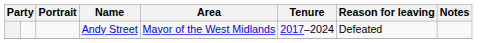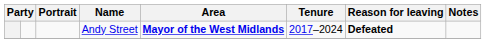 <table class="wikitable sortable">
 <tr>
 <th colspan=2>Party</th>
 <th class="unsortable">Portrait</th>
 <th class="unsortable">Name</th>
 <th class="unsortable">Area</th>
 <th>Tenure</th>
 <th>Reason for leaving</th>
 <th class="unsortable">Notes</th>
 </tr>
 <tr>
 <th style="background-color: "></th>
 <td></td>
 <td></td>
 <td><a href='#'>Andy Street</a></td>
-<td><a href='#'>Mayor of the West Midlands</a></td>
+<td><strong><a href='#'>Mayor of the West Midlands</a></strong></td>
 <td><a href='#'>2017</a>–2024</td>
-<td>Defeated</td>
+<td><strong>Defeated</strong></td>
 <td></td>
 </tr>
 <tr>
 </tr>
 </table>
